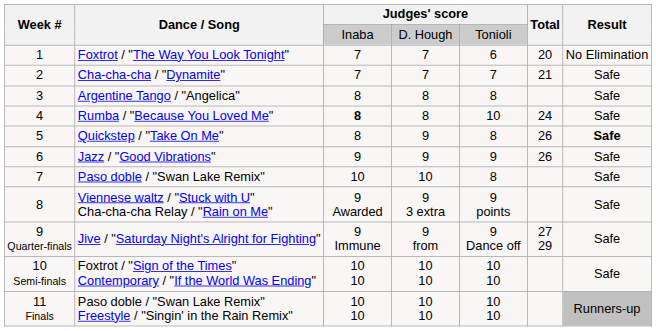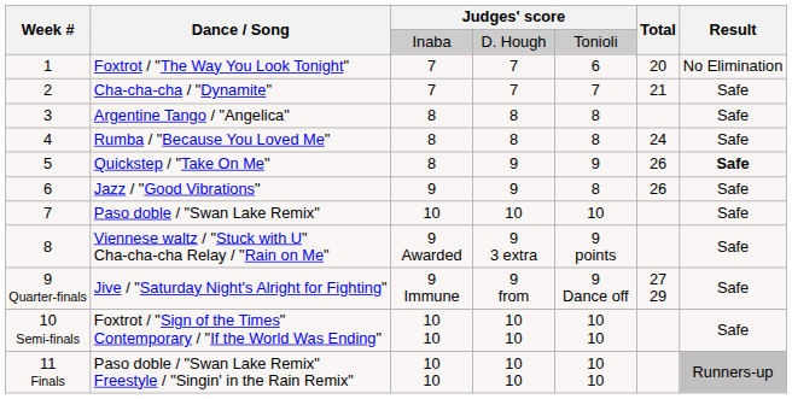 <table class="wikitable" style="text-align:center;">
 <tr style="text-align:center;">
 <th rowspan="2" bgcolor="#CCCCCC" align="Center">Week #</th>
 <th rowspan="2" bgcolor="#CCCCCC" align="Center">Dance / Song</th>
 <th colspan="3" bgcolor="#CCCCCC" align="Center">Judges' score</th>
 <th rowspan="2" bgcolor="#CCCCCC" align="Center">Total</th>
 <th rowspan="2" bgcolor="#CCCCCC" align="Center">Result</th>
 </tr>
 <tr>
 <td bgcolor="#CCCCCC" width="10.5%" align="center">Inaba</td>
 <td bgcolor="#CCCCCC" width="10.5%" align="center">D. Hough</td>
 <td bgcolor="#CCCCCC" width="10.5%" align="center">Tonioli</td>
 </tr>
 <tr>
 <td bgcolor="FAF6F6">1</td>
 <td align="left" bgcolor="FAF6F6"><a href='#'>Foxtrot</a> / "<a href='#'>The Way You Look Tonight</a>"</td>
 <td bgcolor="FAF6F6">7</td>
 <td bgcolor="FAF6F6">7</td>
 <td bgcolor="FAF6F6">6</td>
 <td bgcolor="FAF6F6">20</td>
 <td bgcolor="FAF6F6">No Elimination</td>
 </tr>
 <tr>
 <td bgcolor="FAF6F6">2</td>
 <td align="left" bgcolor="FAF6F6"><a href='#'>Cha-cha-cha</a> / "<a href='#'>Dynamite</a>"</td>
 <td bgcolor="FAF6F6">7</td>
 <td bgcolor="FAF6F6">7</td>
 <td bgcolor="FAF6F6">7</td>
 <td bgcolor="FAF6F6">21</td>
 <td bgcolor="FAF6F6">Safe</td>
 </tr>
 <tr>
 <td bgcolor="FAF6F6">3</td>
 <td align="left" bgcolor="FAF6F6"><a href='#'>Argentine Tango</a> / "Angelica"</td>
 <td bgcolor="FAF6F6">8</td>
 <td bgcolor="FAF6F6">8</td>
 <td bgcolor="FAF6F6">8</td>
 <td bgcolor="FAF6F6"></td>
 <td bgcolor="FAF6F6">Safe</td>
 </tr>
 <tr>
 <td bgcolor="FAF6F6">4</td>
 <td align="left" bgcolor="FAF6F6"><a href='#'>Rumba</a> / "<a href='#'>Because You Loved Me</a>"</td>
-<td bgcolor="FAF6F6"><strong>8</strong></td>
 <td bgcolor="FAF6F6">8</td>
-<td bgcolor="FAF6F6">10</td>
+<td bgcolor="FAF6F6">8</td>
+<td bgcolor="FAF6F6">8</td>
 <td bgcolor="FAF6F6">24</td>
 <td bgcolor="FAF6F6">Safe</td>
 </tr>
 <tr>
 <td bgcolor="FAF6F6">5</td>
 <td align="left" bgcolor="FAF6F6"><a href='#'>Quickstep</a> / "<a href='#'>Take On Me</a>"</td>
 <td bgcolor="FAF6F6">8</td>
 <td bgcolor="FAF6F6">9</td>
-<td bgcolor="FAF6F6">8</td>
+<td bgcolor="FAF6F6">9</td>
 <td bgcolor="FAF6F6">26</td>
 <td bgcolor="FAF6F6"><strong>Safe</strong></td>
 </tr>
 <tr>
 <td bgcolor="FAF6F6">6</td>
 <td align="left" bgcolor="FAF6F6"><a href='#'>Jazz</a> / "<a href='#'>Good Vibrations</a>"</td>
 <td bgcolor="FAF6F6">9</td>
 <td bgcolor="FAF6F6">9</td>
-<td bgcolor="FAF6F6">9</td>
+<td bgcolor="FAF6F6">8</td>
 <td bgcolor="FAF6F6">26</td>
 <td bgcolor="FAF6F6">Safe</td>
 </tr>
 <tr>
 <td bgcolor="FAF6F6">7</td>
 <td align="left" bgcolor="FAF6F6"><a href='#'>Paso doble</a> / "Swan Lake Remix"</td>
 <td bgcolor="FAF6F6">10</td>
 <td bgcolor="FAF6F6">10</td>
-<td bgcolor="FAF6F6">8</td>
+<td bgcolor="FAF6F6">10</td>
 <td bgcolor="FAF6F6"></td>
 <td bgcolor="FAF6F6">Safe</td>
 </tr>
 <tr>
 <td bgcolor="FAF6F6">8</td>
 <td align="left" bgcolor="FAF6F6"><a href='#'>Viennese waltz</a> / "<a href='#'>Stuck with U</a>"<br>Cha-cha-cha Relay / "<a href='#'>Rain on Me</a>"</td>
 <td bgcolor="FAF6F6">9<br>Awarded</td>
 <td bgcolor="FAF6F6">9<br>3 extra</td>
 <td bgcolor="FAF6F6">9<br>points</td>
 <td bgcolor="FAF6F6"><br></td>
 <td bgcolor="FAF6F6">Safe</td>
 </tr>
 <tr>
 <td bgcolor="FAF6F6">9<br><small>Quarter-finals</small></td>
 <td align="left" bgcolor="FAF6F6"><a href='#'>Jive</a> / "<a href='#'>Saturday Night's Alright for Fighting</a>"</td>
 <td bgcolor="FAF6F6">9<br>Immune</td>
 <td bgcolor="FAF6F6">9<br>from</td>
 <td bgcolor="FAF6F6">9<br>Dance off</td>
 <td bgcolor="FAF6F6">27<br>29</td>
 <td bgcolor="FAF6F6">Safe</td>
 </tr>
 <tr>
 <td bgcolor="FAF6F6">10<br><small>Semi-finals</small></td>
 <td align="left" bgcolor="FAF6F6">Foxtrot / "<a href='#'>Sign of the Times</a>"<br><a href='#'>Contemporary</a> / "<a href='#'>If the World Was Ending</a>"</td>
 <td bgcolor="FAF6F6">10<br>10</td>
 <td bgcolor="FAF6F6">10<br>10</td>
 <td bgcolor="FAF6F6">10<br>10</td>
 <td bgcolor="FAF6F6"><br></td>
 <td bgcolor="FAF6F6">Safe</td>
 </tr>
 <tr>
 <td bgcolor="FAF6F6">11<br><small>Finals</small></td>
 <td align="left" bgcolor="FAF6F6">Paso doble / "Swan Lake Remix"<br><a href='#'>Freestyle</a> / "Singin' in the Rain Remix"</td>
 <td bgcolor="FAF6F6">10<br>10</td>
 <td bgcolor="FAF6F6">10<br>10</td>
 <td bgcolor="FAF6F6">10<br>10</td>
 <td bgcolor="FAF6F6"><br></td>
 <td bgcolor="silver">Runners-up</td>
 </tr>
 </table>
